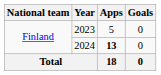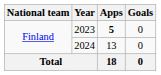 <table class="wikitable" style="text-align:center">
 <tr>
 <th>National team</th>
 <th>Year</th>
 <th>Apps</th>
 <th>Goals</th>
 </tr>
 <tr>
 <td rowspan="2"><a href='#'>Finland</a></td>
 <td>2023</td>
-<td>5</td>
+<td><strong>5</strong></td>
 <td>0</td>
 </tr>
 <tr>
 <td>2024</td>
-<td><strong>13</strong></td>
+<td>13</td>
 <td>0</td>
 </tr>
 <tr>
 <th colspan="2">Total</th>
 <th>18</th>
 <th>0</th>
 </tr>
 </table>
